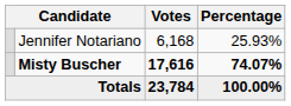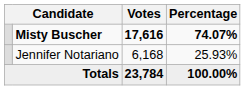 <table class="wikitable">
 <tr style="text-align:center;">
 <th colspan=2>Candidate</th>
 <th>Votes</th>
 <th>Percentage</th>
 </tr>
 <tr>
 <th style="background:#ddd; width:3px;"></th>
+<td><strong>Misty Buscher</strong></td>
+<td style="text-align:right;"><strong>17,616</strong></td>
+<td style="text-align:right;"><strong>74.07%</strong></td>
+</tr>
+<tr>
+<th style="background:#ddd; width:3px;"></th>
 <td>Jennifer Notariano</td>
 <td style="text-align:right;">6,168</td>
 <td style="text-align:right;">25.93%</td>
-</tr>
-<tr>
-<th style="background:#ddd; width:3px;"></th>
-<td><strong>Misty Buscher</strong></td>
-<td style="text-align:right;"><strong>17,616</strong></td>
-<td style="text-align:right;"><strong>74.07%</strong></td>
 </tr>
 <tr style="background:#eee; text-align:right;">
 <td colspan="2"><strong>Totals</strong></td>
 <td><strong>23,784</strong></td>
 <td><strong>100.00%</strong></td>
 </tr>
 </table>
